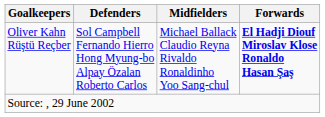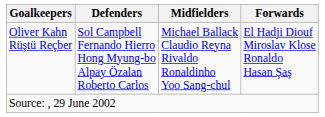 <table class="wikitable" style="margin:0 auto">
 <tr>
 <th>Goalkeepers</th>
 <th>Defenders</th>
 <th>Midfielders</th>
 <th>Forwards</th>
 </tr>
 <tr>
 <td valign="top"> <a href='#'>Oliver Kahn</a><br> <a href='#'>Rüştü Reçber</a></td>
 <td valign="top"> <a href='#'>Sol Campbell</a><br> <a href='#'>Fernando Hierro</a><br> <a href='#'>Hong Myung-bo</a><br> <a href='#'>Alpay Özalan</a><br> <a href='#'>Roberto Carlos</a></td>
 <td valign="top"> <a href='#'>Michael Ballack</a><br> <a href='#'>Claudio Reyna</a><br> <a href='#'>Rivaldo</a><br> <a href='#'>Ronaldinho</a><br> <a href='#'>Yoo Sang-chul</a></td>
-<td valign="top"><strong> <a href='#'>El Hadji Diouf</a><br> <a href='#'>Miroslav Klose</a><br> <a href='#'>Ronaldo</a><br> <a href='#'>Hasan Şaş</a></strong></td>
+<td valign="top"> <a href='#'>El Hadji Diouf</a><br> <a href='#'>Miroslav Klose</a><br> <a href='#'>Ronaldo</a><br> <a href='#'>Hasan Şaş</a></td>
 </tr>
 <tr>
 <td colspan="4" style="text-align:left">Source: , 29 June 2002</td>
 </tr>
 </table>
